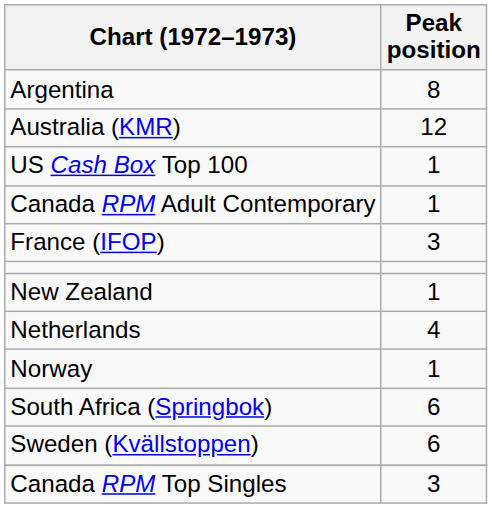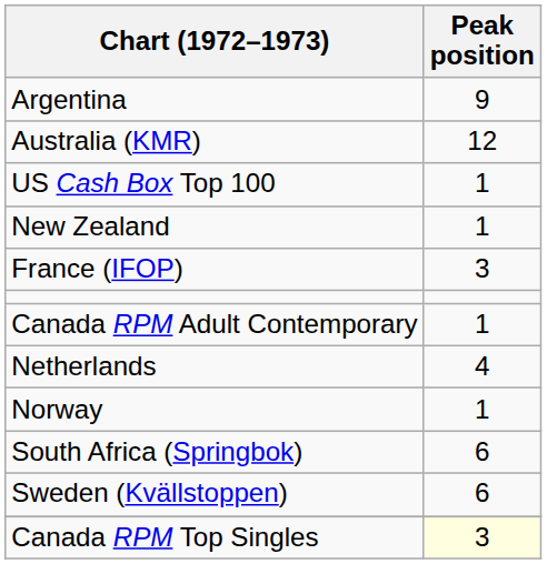 <table class="wikitable sortable">
 <tr>
 <th align="left">Chart (1972–1973)</th>
 <th align="left">Peak<br>position</th>
 </tr>
 <tr>
 <td>Argentina</td>
-<td style="text-align:center;">8</td>
+<td style="text-align:center;">9</td>
 </tr>
 <tr>
 <td align="left">Australia (<a href='#'>KMR</a>) </td>
 <td style="text-align:center;">12</td>
 </tr>
 <tr>
 <td align="left">US <em><a href='#'>Cash Box</a></em> Top 100</td>
 <td style="text-align:center;">1</td>
 </tr>
 <tr>
-<td align="left">Canada <a href='#'><em>RPM</em></a> Adult Contemporary </td>
+<td align="left">New Zealand </td>
 <td style="text-align:center;">1</td>
 </tr>
 <tr>
 <td>France (<a href='#'>IFOP</a>)</td>
 <td align="center">3</td>
 </tr>
 <tr>
 <td></td>
 </tr>
 <tr>
-<td align="left">New Zealand </td>
+<td align="left">Canada <a href='#'><em>RPM</em></a> Adult Contemporary </td>
 <td style="text-align:center;">1</td>
 </tr>
 <tr>
 <td>Netherlands</td>
 <td style="text-align:center;">4</td>
 </tr>
 <tr>
 <td>Norway</td>
 <td style="text-align:center;">1</td>
 </tr>
 <tr>
 <td>South Africa (<a href='#'>Springbok</a>)</td>
 <td align="center">6</td>
 </tr>
 <tr>
 <td>Sweden (<a href='#'>Kvällstoppen</a>)</td>
 <td align="center">6</td>
 </tr>
 <tr>
 </tr>
 <tr>
 </tr>
 <tr>
 </tr>
 <tr>
 <td>Canada <a href='#'><em>RPM</em></a> Top Singles</td>
-<td style="text-align:center;">3</td>
+<td style="background: lightyellow; text-align:center;">3</td>
 </tr>
 </table>
